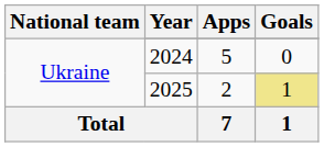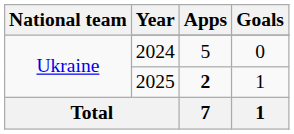 <table class="wikitable" style="text-align:center">
 <tr>
 <th>National team</th>
 <th>Year</th>
 <th>Apps</th>
 <th>Goals</th>
 </tr>
 <tr>
 <td rowspan="3"><a href='#'>Ukraine</a></td>
 </tr>
 <tr>
 <td>2024</td>
 <td>5</td>
 <td>0</td>
 </tr>
 <tr>
 <td>2025</td>
-<td>2</td>
-<td style="background: khaki;">1</td>
+<td><strong>2</strong></td>
+<td>1</td>
 </tr>
 <tr>
 <th colspan="2">Total</th>
 <th>7</th>
 <th>1</th>
 </tr>
 </table>
